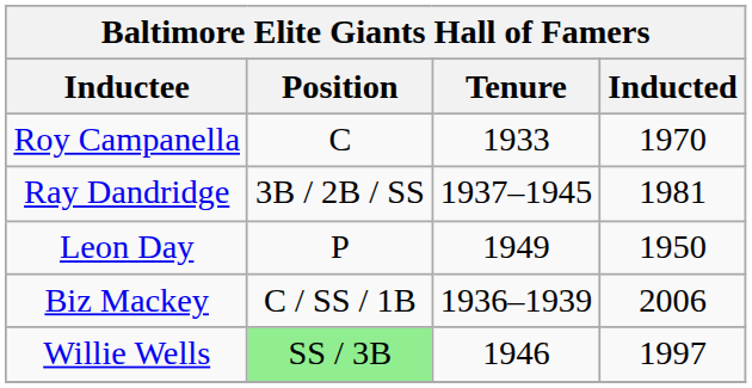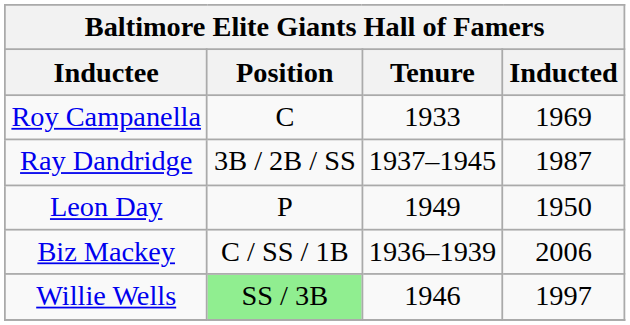 <table class="wikitable" style="text-align:center">
 <tr>
 <th colspan=5>Baltimore Elite Giants Hall of Famers</th>
 </tr>
 <tr>
 <th>Inductee</th>
 <th>Position</th>
 <th>Tenure</th>
 <th>Inducted</th>
 </tr>
 <tr>
 <td><a href='#'>Roy Campanella</a></td>
 <td>C</td>
 <td>1933</td>
-<td>1970</td>
+<td>1969</td>
 </tr>
 <tr>
 <td><a href='#'>Ray Dandridge</a></td>
 <td>3B / 2B / SS</td>
 <td>1937–1945</td>
-<td>1981</td>
+<td>1987</td>
 </tr>
 <tr>
 <td><a href='#'>Leon Day</a></td>
 <td>P</td>
 <td>1949</td>
 <td>1950</td>
 </tr>
 <tr>
 <td><a href='#'>Biz Mackey</a></td>
 <td>C / SS / 1B</td>
 <td>1936–1939</td>
 <td>2006</td>
 </tr>
 <tr>
 <td><a href='#'>Willie Wells</a></td>
 <td style="background: lightgreen;">SS / 3B</td>
 <td>1946</td>
 <td>1997</td>
 </tr>
 <tr>
 </tr>
 </table>
